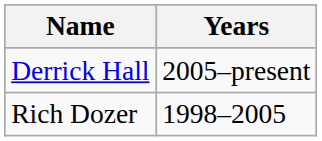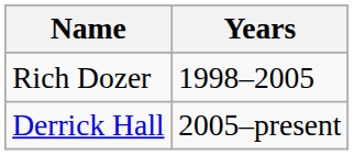 <table class="wikitable">
 <tr>
 <th>Name</th>
 <th>Years</th>
 </tr>
 <tr>
+<td>Rich Dozer</td>
+<td>1998–2005</td>
+</tr>
+<tr>
 <td><a href='#'>Derrick Hall</a></td>
 <td>2005–present</td>
 </tr>
-<tr>
-<td>Rich Dozer</td>
-<td>1998–2005</td>
-</tr>
 </table>
